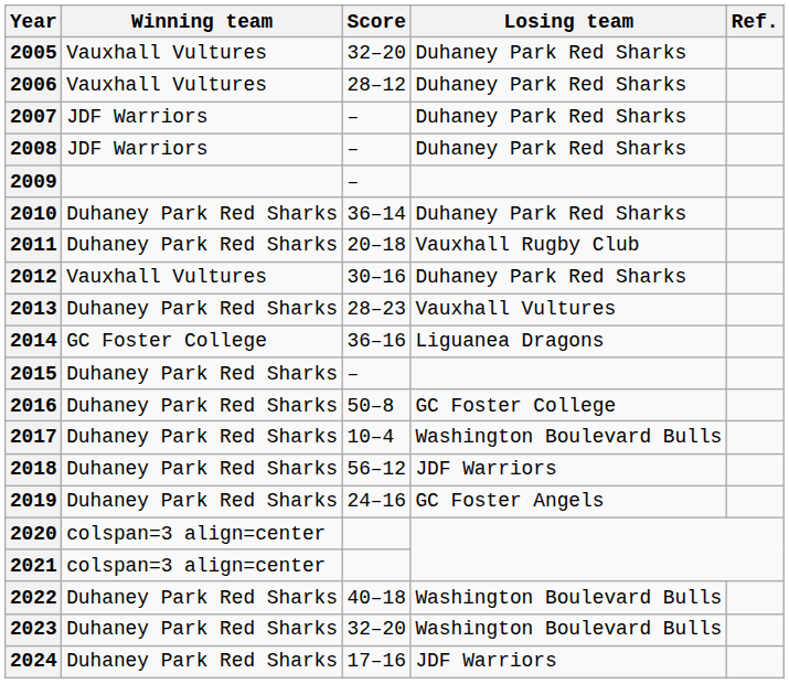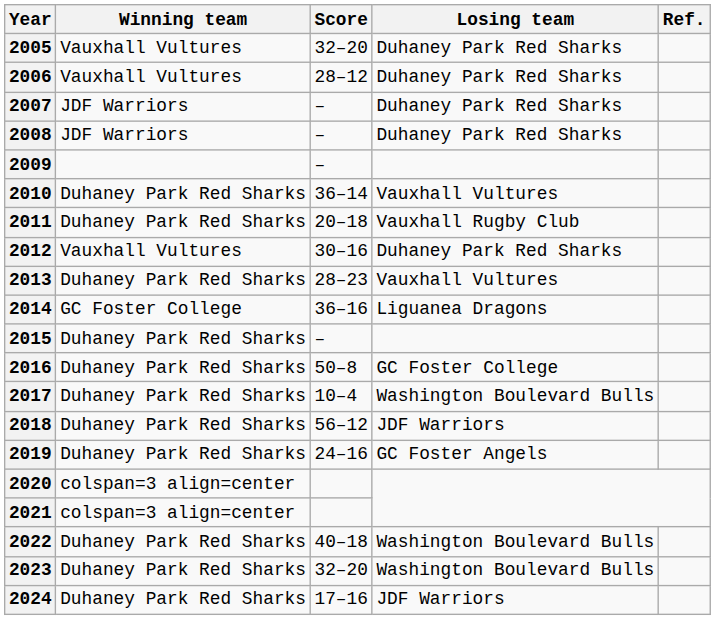 <table class="wikitable defaultleft col3center col5center">
 <tr>
 <th scope="col">Year</th>
 <th scope="col">Winning team</th>
 <th scope="col">Score</th>
 <th scope="col">Losing team</th>
 <th scope="col">Ref.</th>
 </tr>
 <tr>
 <th scope="row">2005</th>
 <td>Vauxhall Vultures</td>
 <td>32–20</td>
 <td>Duhaney Park Red Sharks</td>
 <td></td>
 </tr>
 <tr>
 <th scope="row">2006</th>
 <td>Vauxhall Vultures</td>
 <td>28–12</td>
 <td>Duhaney Park Red Sharks</td>
 <td></td>
 </tr>
 <tr>
 <th scope="row">2007</th>
 <td>JDF Warriors</td>
 <td>–</td>
 <td>Duhaney Park Red Sharks</td>
 <td></td>
 </tr>
 <tr>
 <th scope="row">2008</th>
 <td>JDF Warriors</td>
 <td>–</td>
 <td>Duhaney Park Red Sharks</td>
 <td></td>
 </tr>
 <tr>
 <th scope="row">2009</th>
 <td></td>
 <td>–</td>
 <td></td>
 <td></td>
 </tr>
 <tr>
 <th scope="row">2010</th>
 <td>Duhaney Park Red Sharks</td>
 <td>36–14</td>
-<td>Duhaney Park Red Sharks</td>
+<td>Vauxhall Vultures</td>
 <td></td>
 </tr>
 <tr>
 <th scope="row">2011</th>
 <td>Duhaney Park Red Sharks</td>
 <td>20–18</td>
 <td>Vauxhall Rugby Club</td>
 <td></td>
 </tr>
 <tr>
 <th scope="row">2012</th>
 <td>Vauxhall Vultures</td>
 <td>30–16</td>
 <td>Duhaney Park Red Sharks</td>
 <td></td>
 </tr>
 <tr>
 <th scope="row">2013</th>
 <td>Duhaney Park Red Sharks</td>
 <td>28–23</td>
 <td>Vauxhall Vultures</td>
 <td></td>
 </tr>
 <tr>
 <th scope="row">2014</th>
 <td>GC Foster College</td>
 <td>36–16</td>
 <td>Liguanea Dragons</td>
 <td></td>
 </tr>
 <tr>
 <th scope="row">2015</th>
 <td>Duhaney Park Red Sharks</td>
 <td>–</td>
 <td></td>
 <td></td>
 </tr>
 <tr>
 <th scope="row">2016</th>
 <td>Duhaney Park Red Sharks</td>
 <td>50–8</td>
 <td>GC Foster College</td>
 <td></td>
 </tr>
 <tr>
 <th scope="row">2017</th>
 <td>Duhaney Park Red Sharks</td>
 <td>10–4</td>
 <td>Washington Boulevard Bulls</td>
 <td></td>
 </tr>
 <tr>
 <th scope="row">2018</th>
 <td>Duhaney Park Red Sharks</td>
 <td>56–12</td>
 <td>JDF Warriors</td>
 <td></td>
 </tr>
 <tr>
 <th scope="row">2019</th>
 <td>Duhaney Park Red Sharks</td>
 <td>24–16</td>
 <td>GC Foster Angels</td>
 <td></td>
 </tr>
 <tr>
 <th scope="row">2020</th>
 <td>colspan=3 align=center </td>
 <td></td>
 </tr>
 <tr>
 <th scope="row">2021</th>
 <td>colspan=3 align=center </td>
 <td></td>
 </tr>
 <tr>
 <th scope="row">2022</th>
 <td>Duhaney Park Red Sharks</td>
 <td>40–18</td>
 <td>Washington Boulevard Bulls</td>
 <td></td>
 </tr>
 <tr>
 <th scope="row">2023</th>
 <td>Duhaney Park Red Sharks</td>
 <td>32–20</td>
 <td>Washington Boulevard Bulls</td>
 <td></td>
 </tr>
 <tr>
 <th scope="row">2024</th>
 <td>Duhaney Park Red Sharks</td>
 <td>17–16</td>
 <td>JDF Warriors</td>
 <td></td>
 </tr>
 </table>
